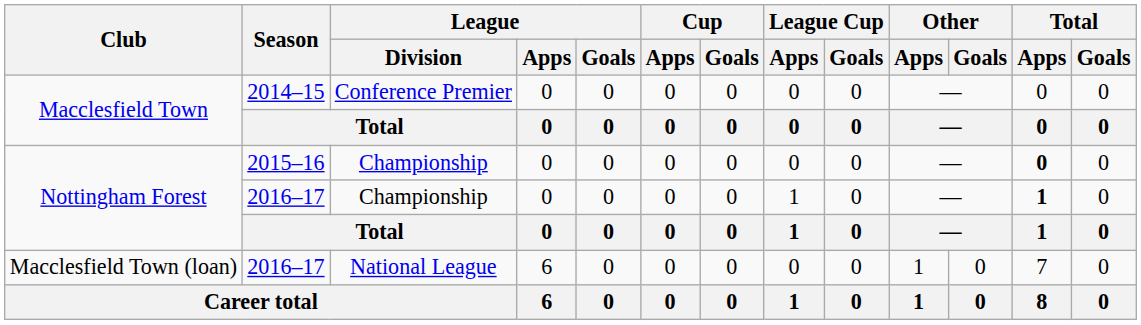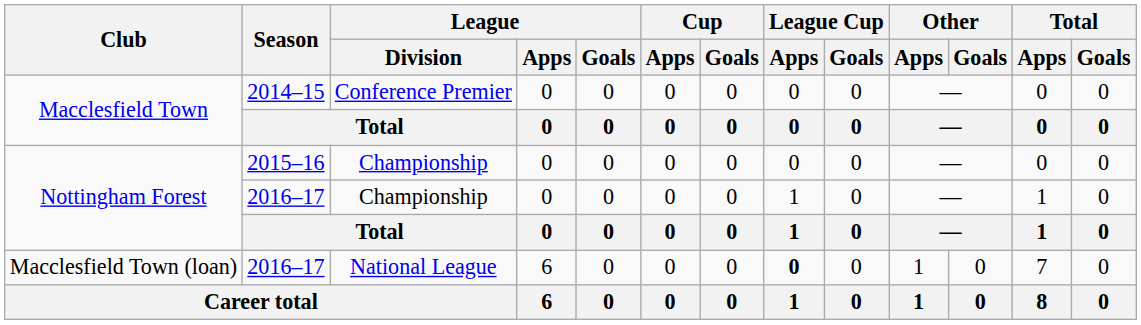 <table class="wikitable" style="text-align: center;">
 <tr>
 <th rowspan="2">Club</th>
 <th rowspan="2">Season</th>
 <th colspan="3">League</th>
 <th colspan="2">Cup</th>
 <th colspan="2">League Cup</th>
 <th colspan="2">Other</th>
 <th colspan="2">Total</th>
 </tr>
 <tr>
 <th>Division</th>
 <th>Apps</th>
 <th>Goals</th>
 <th>Apps</th>
 <th>Goals</th>
 <th>Apps</th>
 <th>Goals</th>
 <th>Apps</th>
 <th>Goals</th>
 <th>Apps</th>
 <th>Goals</th>
 </tr>
 <tr>
 <td rowspan="2"><a href='#'>Macclesfield Town</a></td>
 <td><a href='#'>2014–15</a></td>
 <td><a href='#'>Conference Premier</a></td>
 <td>0</td>
 <td>0</td>
 <td>0</td>
 <td>0</td>
 <td>0</td>
 <td>0</td>
 <td colspan="2">—</td>
 <td>0</td>
 <td>0</td>
 </tr>
 <tr>
 <th colspan="2">Total</th>
 <th>0</th>
 <th>0</th>
 <th>0</th>
 <th>0</th>
 <th>0</th>
 <th>0</th>
 <th colspan="2">—</th>
 <th>0</th>
 <th>0</th>
 </tr>
 <tr>
 <td rowspan="3"><a href='#'>Nottingham Forest</a></td>
 <td><a href='#'>2015–16</a></td>
 <td><a href='#'>Championship</a></td>
 <td>0</td>
 <td>0</td>
 <td>0</td>
 <td>0</td>
 <td>0</td>
 <td>0</td>
 <td colspan="2">—</td>
-<td><strong>0</strong></td>
+<td>0</td>
 <td>0</td>
 </tr>
 <tr>
 <td><a href='#'>2016–17</a></td>
 <td>Championship</td>
 <td>0</td>
 <td>0</td>
 <td>0</td>
 <td>0</td>
 <td>1</td>
 <td>0</td>
 <td colspan="2">—</td>
-<td><strong>1</strong></td>
+<td>1</td>
 <td>0</td>
 </tr>
 <tr>
 <th colspan="2">Total</th>
 <th>0</th>
 <th>0</th>
 <th>0</th>
 <th>0</th>
 <th>1</th>
 <th>0</th>
 <th colspan="2">—</th>
 <th>1</th>
 <th>0</th>
 </tr>
 <tr>
 <td>Macclesfield Town (loan)</td>
 <td><a href='#'>2016–17</a></td>
 <td><a href='#'>National League</a></td>
 <td>6</td>
 <td>0</td>
 <td>0</td>
 <td>0</td>
-<td>0</td>
+<td><strong>0</strong></td>
 <td>0</td>
 <td>1</td>
 <td>0</td>
 <td>7</td>
 <td>0</td>
 </tr>
 <tr>
 <th colspan=3>Career total</th>
 <th>6</th>
 <th>0</th>
 <th>0</th>
 <th>0</th>
 <th>1</th>
 <th>0</th>
 <th>1</th>
 <th>0</th>
 <th>8</th>
 <th>0</th>
 </tr>
 </table>
